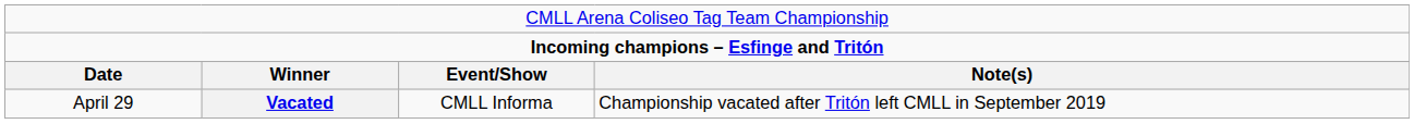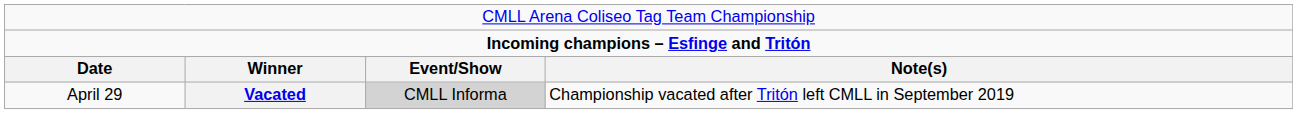 <table class="wikitable" style="text-align:center; width:100%;">
 <tr>
 <td colspan="4" style="text-align: center;"><a href='#'>CMLL Arena Coliseo Tag Team Championship</a></td>
 </tr>
 <tr>
 <td colspan="4" style="text-align: center;"><strong>Incoming champions – <a href='#'>Esfinge</a> and <a href='#'>Tritón</a></strong></td>
 </tr>
 <tr>
 <th width=14%>Date</th>
 <th width=14%>Winner</th>
 <th width=14%>Event/Show</th>
 <th width=58%>Note(s)</th>
 </tr>
 <tr>
 <td>April 29</td>
 <th><a href='#'>Vacated</a></th>
-<td>CMLL Informa</td>
+<td style="background: lightgrey;">CMLL Informa</td>
 <td align=left>Championship vacated after <a href='#'>Tritón</a> left CMLL in September 2019</td>
 </tr>
 </table>
